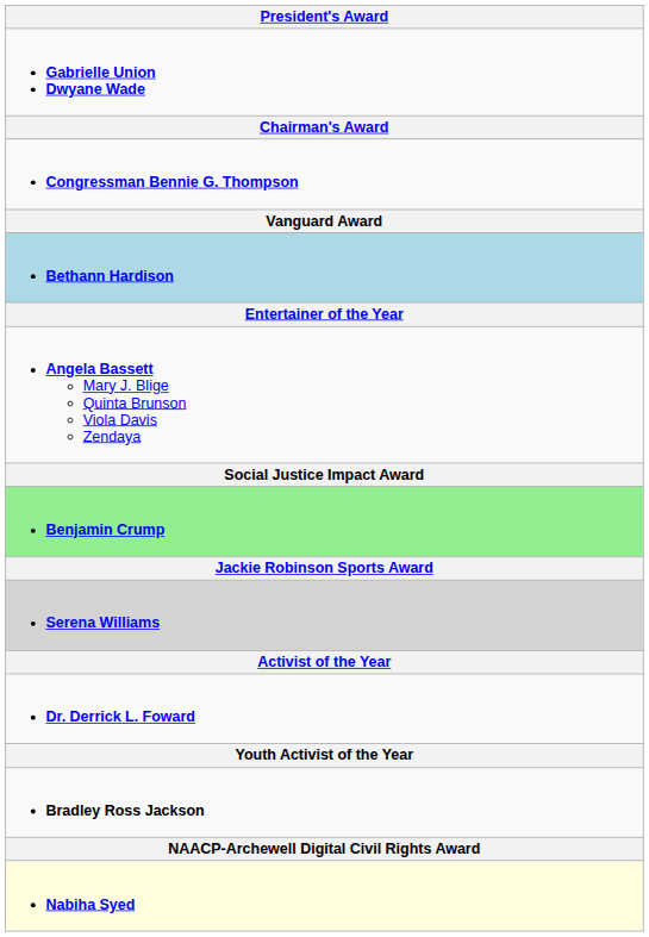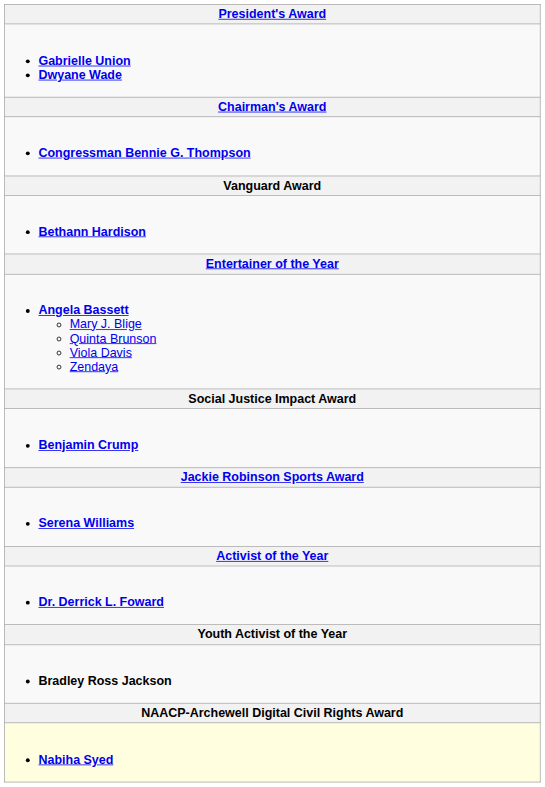 <table class="wikitable">
 <tr>
 <th style="width=50%"><a href='#'>President's Award</a></th>
 </tr>
 <tr>
 <td valign="top" width="50%"><br><ul><li><strong><a href='#'>Gabrielle Union</a></strong></li><li><strong><a href='#'>Dwyane Wade</a></strong></li></ul></td>
 </tr>
 <tr>
 <th style="width=50%"><a href='#'>Chairman's Award</a></th>
 </tr>
 <tr>
 <td valign="top" width="50%"><br><ul><li><strong><a href='#'>Congressman Bennie G. Thompson</a></strong></li></ul></td>
 </tr>
 <tr>
 <th style="width=50%">Vanguard Award</th>
 </tr>
 <tr>
-<td valign="top" width="50%" style="background: lightblue;"><br><ul><li><strong><a href='#'>Bethann Hardison</a></strong></li></ul></td>
+<td valign="top" width="50%"><br><ul><li><strong><a href='#'>Bethann Hardison</a></strong></li></ul></td>
 </tr>
 <tr>
 <th style="width=50%"><a href='#'>Entertainer of the Year</a></th>
 </tr>
 <tr>
 <td valign="top" width="50%"><br><ul><li><strong><a href='#'>Angela Bassett</a></strong><ul><li><a href='#'>Mary J. Blige</a></li><li><a href='#'>Quinta Brunson</a></li><li><a href='#'>Viola Davis</a></li><li><a href='#'>Zendaya</a></li></ul></li></ul></td>
 </tr>
 <tr>
 <th style="width=50%">Social Justice Impact Award</th>
 </tr>
 <tr>
-<td valign="top" width="50%" style="background: lightgreen;"><br><ul><li><strong><a href='#'>Benjamin Crump</a></strong></li></ul></td>
+<td valign="top" width="50%"><br><ul><li><strong><a href='#'>Benjamin Crump</a></strong></li></ul></td>
 </tr>
 <tr>
 <th style="width=50%"><a href='#'>Jackie Robinson Sports Award</a></th>
 </tr>
 <tr>
-<td valign="top" width="50%" style="background: lightgrey;"><br><ul><li><strong><a href='#'>Serena Williams</a></strong></li></ul></td>
+<td valign="top" width="50%"><br><ul><li><strong><a href='#'>Serena Williams</a></strong></li></ul></td>
 </tr>
 <tr>
 <th style="width=50%"><a href='#'>Activist of the Year</a></th>
 </tr>
 <tr>
 <td valign="top" width="50%"><br><ul><li><strong><a href='#'>Dr. Derrick L. Foward</a></strong></li></ul></td>
 </tr>
 <tr>
 <th style="width=50%">Youth Activist of the Year</th>
 </tr>
 <tr>
 <td valign="top" width="50%"><br><ul><li><strong>Bradley Ross Jackson</strong></li></ul></td>
 </tr>
 <tr>
 <th style="width=50%">NAACP-Archewell Digital Civil Rights Award</th>
 </tr>
 <tr>
 <td valign="top" width="50%" style="background: lightyellow;"><br><ul><li><strong><a href='#'>Nabiha Syed</a></strong></li></ul></td>
 </tr>
 </table>
